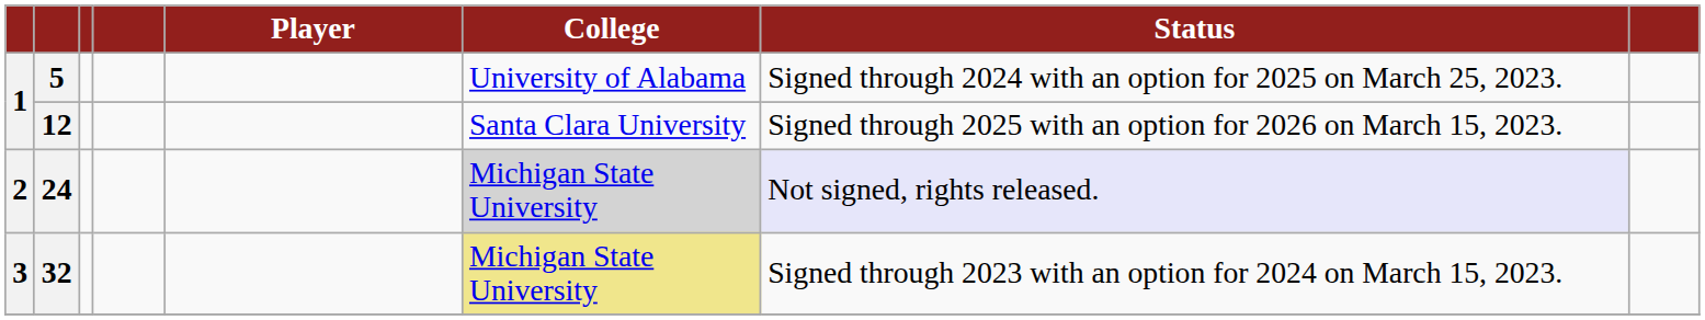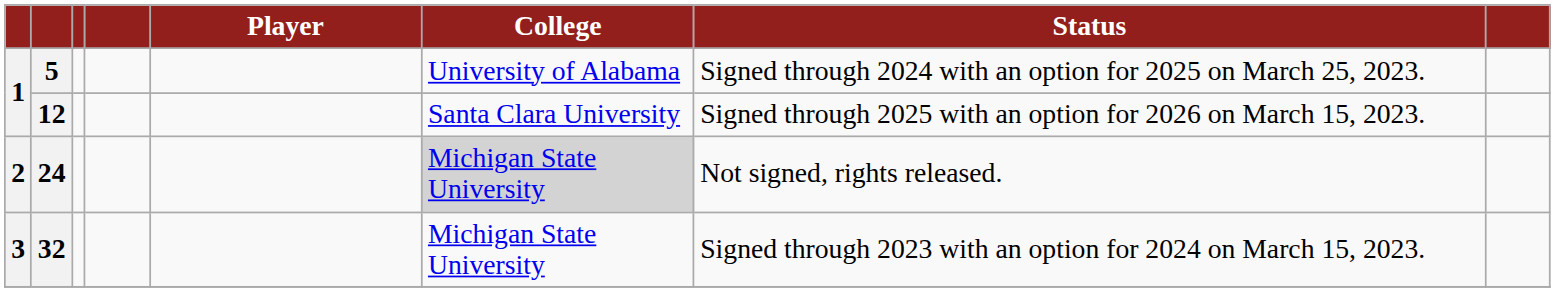 <table class="wikitable sortable">
 <tr>
 <th style="background:#921f1c; color:#fff;" scope="col"></th>
 <th style="background:#921f1c; color:#fff;" scope="col"></th>
 <th style="background:#921f1c; color:#fff;" scope="col"></th>
 <th style="background:#921f1c; color:#fff; width:30px;" scope="col"></th>
 <th style="background:#921f1c; color:#fff; width:150px;" scope="col">Player</th>
 <th style="background:#921f1c; color:#fff; width:150px;" scope="col">College</th>
 <th style="background:#921f1c; color:#fff; width:450px;" scope="col">Status</th>
 <th style="background:#921f1c; color:#fff; width:30px;" scope="col"></th>
 </tr>
 <tr>
 <th rowspan=2 scope="rowgroup">1</th>
 <th scope="row">5</th>
 <td></td>
 <td></td>
 <td></td>
 <td><a href='#'>University of Alabama</a></td>
 <td>Signed through 2024 with an option for 2025 on March 25, 2023.</td>
 <td></td>
 </tr>
 <tr>
 <th scope="row">12</th>
 <td></td>
 <td></td>
 <td></td>
 <td><a href='#'>Santa Clara University</a></td>
 <td>Signed through 2025 with an option for 2026 on March 15, 2023.</td>
 <td></td>
 </tr>
 <tr>
 <th scope="rowgroup">2</th>
 <th scope="row">24</th>
 <td></td>
 <td></td>
 <td></td>
 <td style="background: lightgrey;"><a href='#'>Michigan State University</a></td>
-<td style="background: lavender;">Not signed, rights released.</td>
+<td>Not signed, rights released.</td>
 <td></td>
 </tr>
 <tr>
 <th scope="rowgroup">3</th>
 <th scope="row">32</th>
 <td></td>
 <td></td>
 <td></td>
-<td style="background: khaki;"><a href='#'>Michigan State University</a></td>
+<td><a href='#'>Michigan State University</a></td>
 <td>Signed through 2023 with an option for 2024 on March 15, 2023.</td>
 <td></td>
 </tr>
 <tr>
 </tr>
 </table>
